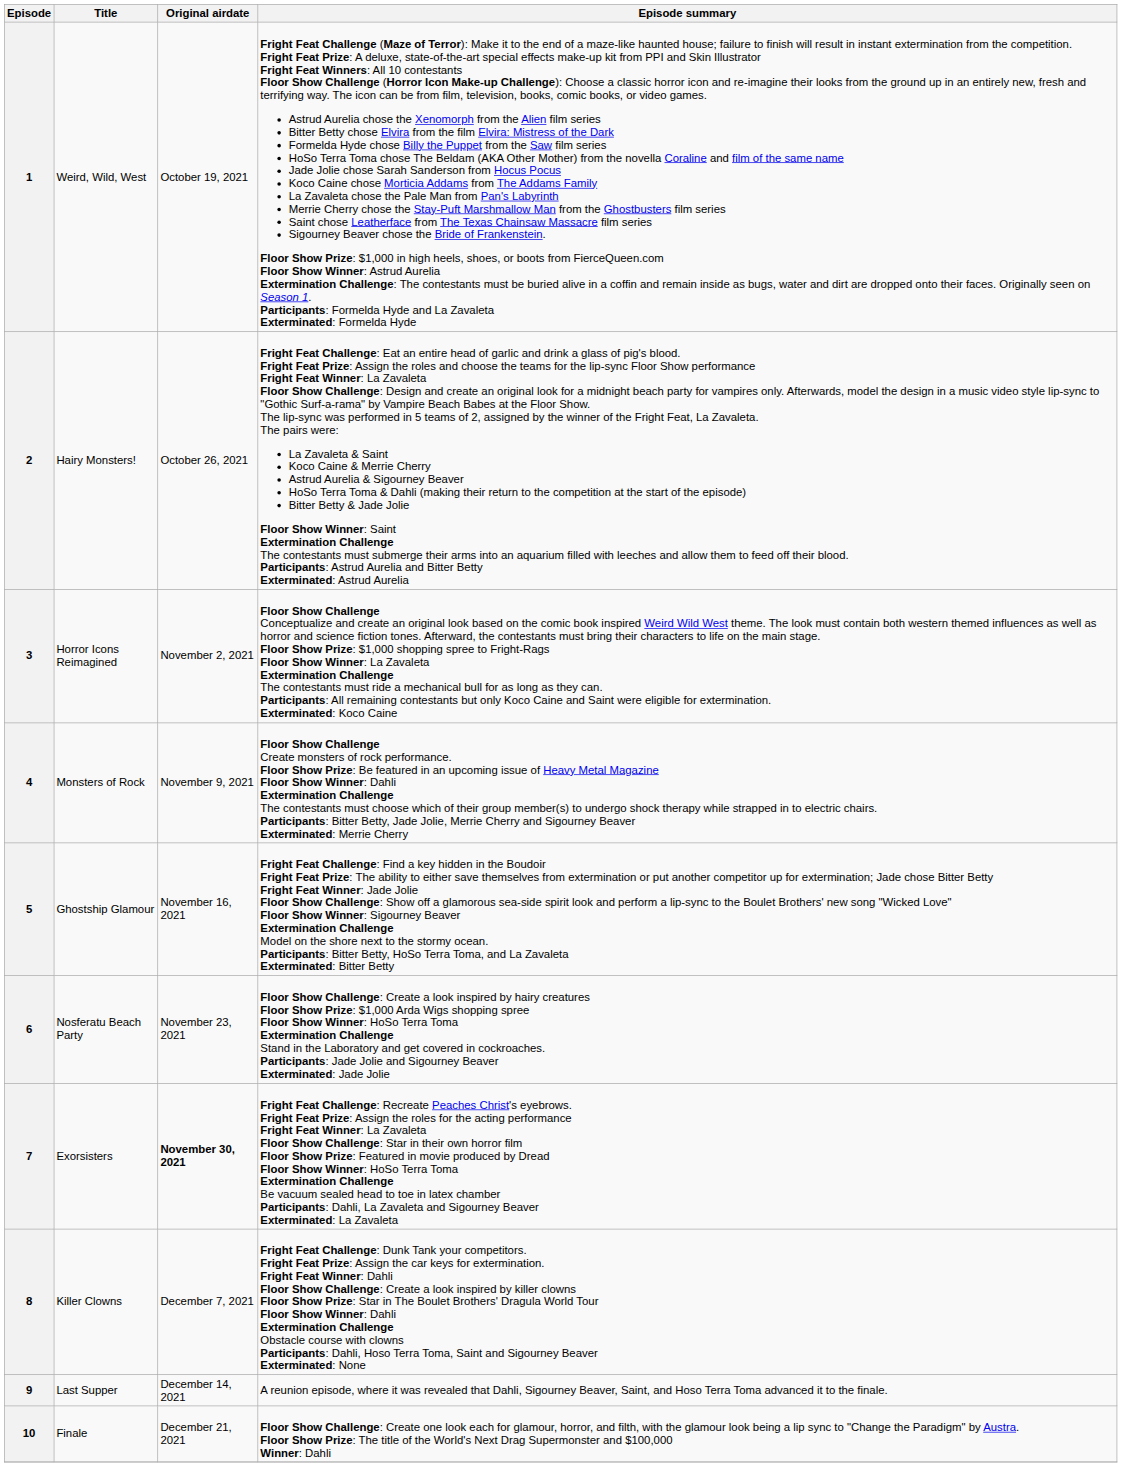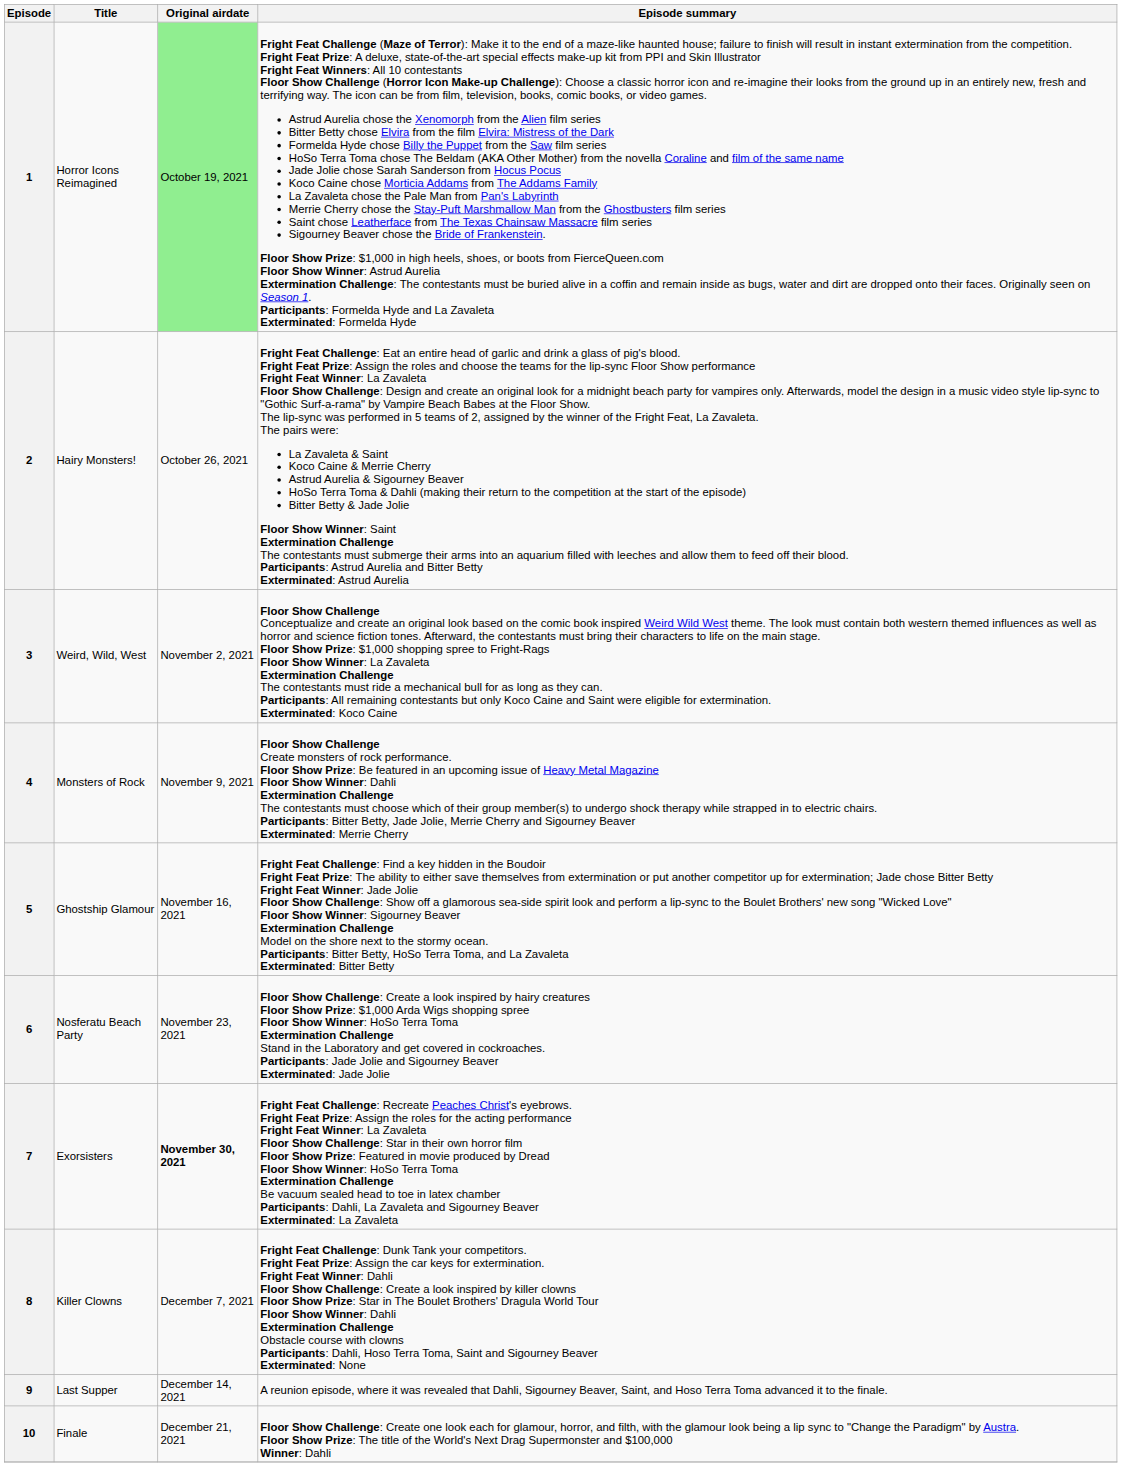 <table class="wikitable">
 <tr>
 <th nowrap>Episode</th>
 <th nowrap>Title</th>
 <th nowrap>Original airdate</th>
 <th nowrap>Episode summary</th>
 </tr>
 <tr>
 <th>1</th>
-<td>Weird, Wild, West</td>
-<td>October 19, 2021</td>
+<td>Horror Icons Reimagined</td>
+<td style="background: lightgreen;">October 19, 2021</td>
 <td><br><strong>Fright Feat Challenge</strong> (<strong>Maze of Terror</strong>): Make it to the end of a maze-like haunted house; failure to finish will result in instant extermination from the competition.<br> <strong>Fright Feat Prize</strong>: A deluxe, state-of-the-art special effects make-up kit from PPI and Skin Illustrator<br> <span><strong>Fright Feat Winners</strong>: All 10 contestants</span><br><strong>Floor Show Challenge</strong> (<strong>Horror Icon Make-up Challenge</strong>): Choose a classic horror icon and re-imagine their looks from the ground up in an entirely new, fresh and terrifying way. The icon can be from film, television, books, comic books, or video games.<ul><li>Astrud Aurelia chose the <a href='#'>Xenomorph</a> from the <a href='#'>Alien</a> film series</li><li>Bitter Betty chose <a href='#'>Elvira</a> from the film <a href='#'>Elvira: Mistress of the Dark</a></li><li>Formelda Hyde chose <a href='#'>Billy the Puppet</a> from the <a href='#'>Saw</a> film series</li><li>HoSo Terra Toma chose The Beldam (AKA Other Mother) from the novella <a href='#'>Coraline</a> and <a href='#'>film of the same name</a></li><li>Jade Jolie chose Sarah Sanderson from <a href='#'>Hocus Pocus</a></li><li>Koco Caine chose <a href='#'>Morticia Addams</a> from <a href='#'>The Addams Family</a></li><li>La Zavaleta chose the Pale Man from <a href='#'>Pan's Labyrinth</a></li><li>Merrie Cherry chose the <a href='#'>Stay-Puft Marshmallow Man</a> from the <a href='#'>Ghostbusters</a> film series</li><li>Saint chose <a href='#'>Leatherface</a> from <a href='#'>The Texas Chainsaw Massacre</a> film series</li><li>Sigourney Beaver chose the <a href='#'>Bride of Frankenstein</a>.</li></ul><strong>Floor Show Prize</strong>: $1,000 in high heels, shoes, or boots from FierceQueen.com<br> <span><strong>Floor Show Winner</strong>: Astrud Aurelia</span><br><strong>Extermination Challenge</strong>: The contestants must be buried alive in a coffin and remain inside as bugs, water and dirt are dropped onto their faces. Originally seen on <em><a href='#'>Season 1</a></em>.<br> <strong>Participants</strong>: Formelda Hyde and La Zavaleta<br> <span><strong>Exterminated</strong>: Formelda Hyde</span></td>
 </tr>
 <tr>
 <th>2</th>
 <td>Hairy Monsters!</td>
 <td>October 26, 2021</td>
 <td><br><strong>Fright Feat Challenge</strong>: Eat an entire head of garlic and drink a glass of pig's blood.<br> <strong>Fright Feat Prize</strong>: Assign the roles and choose the teams for the lip-sync Floor Show performance<br> <span><strong>Fright Feat Winner</strong>: La Zavaleta</span><br><strong>Floor Show Challenge</strong>: Design and create an original look for a midnight beach party for vampires only. Afterwards, model the design in a music video style lip-sync to "Gothic Surf-a-rama" by Vampire Beach Babes at the Floor Show.<br>The lip-sync was performed in 5 teams of 2, assigned by the winner of the Fright Feat, La Zavaleta.<br>The pairs were:<ul><li>La Zavaleta & Saint</li><li>Koco Caine & Merrie Cherry</li><li>Astrud Aurelia & Sigourney Beaver</li><li>HoSo Terra Toma & Dahli (making their return to the competition at the start of the episode)</li><li>Bitter Betty & Jade Jolie</li></ul><span><strong>Floor Show Winner</strong>: Saint</span><br><strong>Extermination Challenge</strong><br> The contestants must submerge their arms into an aquarium filled with leeches and allow them to feed off their blood.<br> <strong>Participants</strong>: Astrud Aurelia and Bitter Betty<br> <span><strong>Exterminated</strong>: Astrud Aurelia</span></td>
 </tr>
 <tr>
 <th>3</th>
-<td>Horror Icons Reimagined</td>
+<td>Weird, Wild, West</td>
 <td>November 2, 2021</td>
 <td><br><strong>Floor Show Challenge</strong><br> Conceptualize and create an original look based on the comic book inspired <a href='#'>Weird Wild West</a> theme. The look must contain both western themed influences as well as horror and science fiction tones. Afterward, the contestants must bring their characters to life on the main stage.<br> <strong>Floor Show Prize</strong>: $1,000 shopping spree to Fright-Rags<br> <span><strong>Floor Show Winner</strong>: La Zavaleta</span><br><strong>Extermination Challenge</strong><br> The contestants must ride a mechanical bull for as long as they can.<br> <strong>Participants</strong>: All remaining contestants but only Koco Caine and Saint were eligible for extermination.<br> <span><strong>Exterminated</strong>: Koco Caine</span></td>
 </tr>
 <tr>
 <th>4</th>
 <td>Monsters of Rock</td>
 <td>November 9, 2021</td>
 <td><br><strong>Floor Show Challenge</strong><br> Create monsters of rock performance.<br> <strong>Floor Show Prize</strong>: Be featured in an upcoming issue of <a href='#'>Heavy Metal Magazine</a><br> <span><strong>Floor Show Winner</strong>: Dahli</span><br><strong>Extermination Challenge</strong><br> The contestants must choose which of their group member(s) to undergo shock therapy while strapped in to electric chairs.<br> <strong>Participants</strong>: Bitter Betty, Jade Jolie, Merrie Cherry and Sigourney Beaver<br> <span><strong>Exterminated</strong>: Merrie Cherry</span></td>
 </tr>
 <tr>
 <th>5</th>
 <td>Ghostship Glamour</td>
 <td>November 16, 2021</td>
 <td><br><strong>Fright Feat Challenge</strong>: Find a key hidden in the Boudoir<br> <strong>Fright Feat Prize</strong>: The ability to either save themselves from extermination or put another competitor up for extermination; Jade chose Bitter Betty<br> <span><strong>Fright Feat Winner</strong>: Jade Jolie</span><br><strong>Floor Show Challenge</strong>: Show off a glamorous sea-side spirit look and perform a lip-sync to the Boulet Brothers' new song "Wicked Love"<br> <span><strong>Floor Show Winner</strong>: Sigourney Beaver</span><br><strong>Extermination Challenge</strong><br> Model on the shore next to the stormy ocean.<br> <strong>Participants</strong>: Bitter Betty, HoSo Terra Toma, and La Zavaleta<br> <span><strong>Exterminated</strong>: Bitter Betty</span></td>
 </tr>
 <tr>
 <th>6</th>
 <td>Nosferatu Beach Party</td>
 <td>November 23, 2021</td>
 <td><br><strong>Floor Show Challenge</strong>: Create a look inspired by hairy creatures<br> <strong>Floor Show Prize</strong>: $1,000 Arda Wigs shopping spree<br> <span><strong>Floor Show Winner</strong>: HoSo Terra Toma</span><br><strong>Extermination Challenge</strong><br> Stand in the Laboratory and get covered in cockroaches.<br> <strong>Participants</strong>: Jade Jolie and Sigourney Beaver<br> <span><strong>Exterminated</strong>: Jade Jolie</span></td>
 </tr>
 <tr>
 <th>7</th>
 <td>Exorsisters</td>
 <td><strong>November 30, 2021</strong></td>
 <td><br><strong>Fright Feat Challenge</strong>: Recreate <a href='#'>Peaches Christ</a>'s eyebrows.<br> <strong>Fright Feat Prize</strong>: Assign the roles for the acting performance<br> <span><strong>Fright Feat Winner</strong>: La Zavaleta</span><br><strong>Floor Show Challenge</strong>: Star in their own horror film<br> <strong>Floor Show Prize</strong>: Featured in movie produced by Dread<br> <span><strong>Floor Show Winner</strong>: HoSo Terra Toma</span><br><strong>Extermination Challenge</strong><br> Be vacuum sealed head to toe in latex chamber <br> <strong>Participants</strong>: Dahli, La Zavaleta and Sigourney Beaver<br> <span><strong>Exterminated</strong>: La Zavaleta</span></td>
 </tr>
 <tr>
 <th>8</th>
 <td>Killer Clowns</td>
 <td>December 7, 2021</td>
 <td><br><strong>Fright Feat Challenge</strong>: Dunk Tank your competitors.<br> <strong>Fright Feat Prize</strong>: Assign the car keys for extermination.<br> <span><strong>Fright Feat Winner</strong>: Dahli</span><br><strong>Floor Show Challenge</strong>:  Create a look inspired by killer clowns<br> <strong>Floor Show Prize</strong>: Star in The Boulet Brothers' Dragula World Tour<br> <span><strong>Floor Show Winner</strong>: Dahli</span><br><strong>Extermination Challenge</strong><br> Obstacle course with clowns<br> <strong>Participants</strong>: Dahli, Hoso Terra Toma, Saint and Sigourney Beaver<br> <span><strong>Exterminated</strong>: None</span></td>
 </tr>
 <tr>
 <th>9</th>
 <td>Last Supper</td>
 <td>December 14, 2021</td>
 <td>A reunion episode, where it was revealed that Dahli, Sigourney Beaver, Saint, and Hoso Terra Toma advanced it to the finale.</td>
 </tr>
 <tr>
 <th>10</th>
 <td>Finale</td>
 <td>December 21, 2021</td>
 <td><br><strong>Floor Show Challenge</strong>: Create one look each for glamour, horror, and filth, with the glamour look being a lip sync to "Change the Paradigm" by <a href='#'>Austra</a>.<br> <strong>Floor Show Prize</strong>: The title of the World's Next Drag Supermonster and $100,000<br> <span><strong>Winner</strong>: Dahli</span></td>
 </tr>
 <tr>
 </tr>
 </table>
